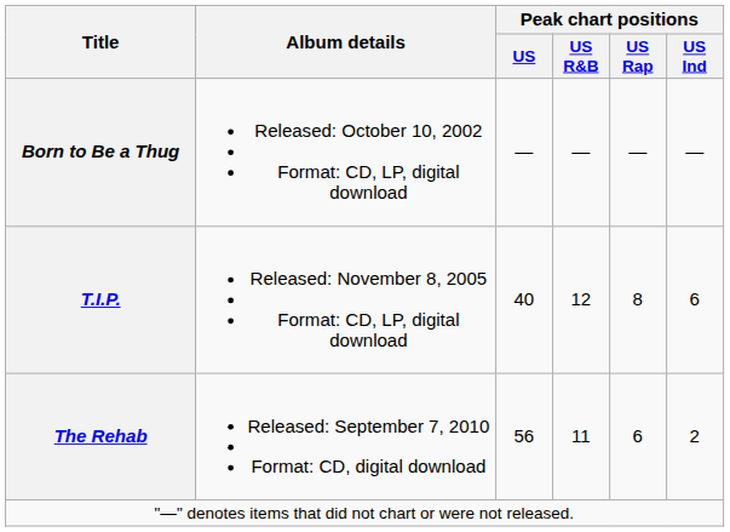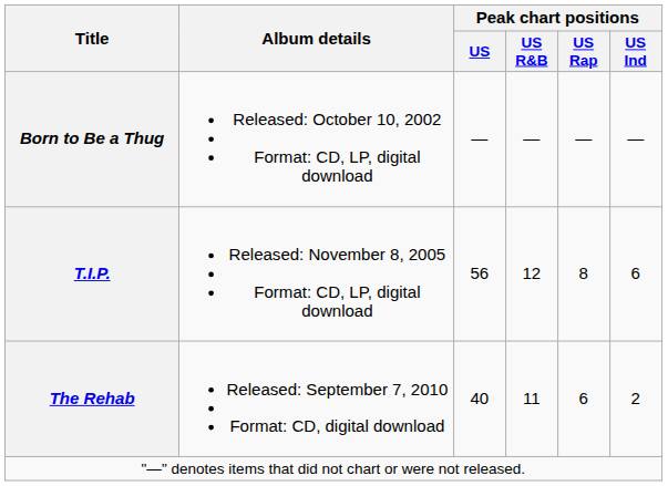 <table class="wikitable plainrowheaders" style="text-align:center;" border="1">
 <tr>
 <th scope="col" rowspan="2" style="width:10em;">Title</th>
 <th scope="col" rowspan="2" style="width:16em;">Album details</th>
 <th scope="col" colspan="4">Peak chart positions</th>
 </tr>
 <tr>
 <th style="width:3em; font-size:90%"><a href='#'>US</a><br></th>
 <th style="width:3em; font-size:90%"><a href='#'>US<br>R&B</a><br></th>
 <th style="width:3em; font-size:90%"><a href='#'>US<br>Rap</a><br></th>
 <th style="width:3em; font-size:90%"><a href='#'>US Ind</a><br></th>
 </tr>
 <tr>
 <th scope="row"><em>Born to Be a Thug</em></th>
 <td><br><ul><li>Released: October 10, 2002</li><li></li><li>Format: CD, LP, digital download</li></ul></td>
 <td>—</td>
 <td>—</td>
 <td>—</td>
 <td>—</td>
 </tr>
 <tr>
 <th scope="row"><em><a href='#'>T.I.P.</a></em></th>
 <td><br><ul><li>Released: November 8, 2005</li><li></li><li>Format: CD, LP, digital download</li></ul></td>
-<td>40</td>
+<td>56</td>
 <td>12</td>
 <td>8</td>
 <td>6</td>
 </tr>
 <tr>
 <th scope="row"><em><a href='#'>The Rehab</a></em></th>
 <td><br><ul><li>Released: September 7, 2010</li><li></li><li>Format: CD, digital download</li></ul></td>
-<td>56</td>
+<td>40</td>
 <td>11</td>
 <td>6</td>
 <td>2</td>
 </tr>
 <tr>
 <td colspan="8" style="font-size:90%">"—" denotes items that did not chart or were not released.</td>
 </tr>
 </table>
